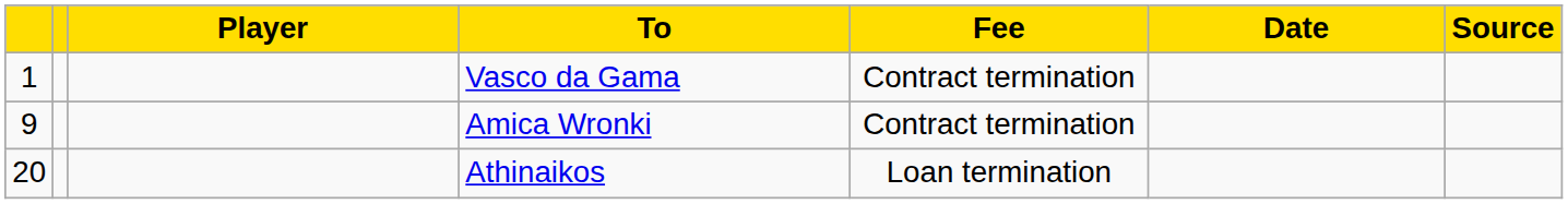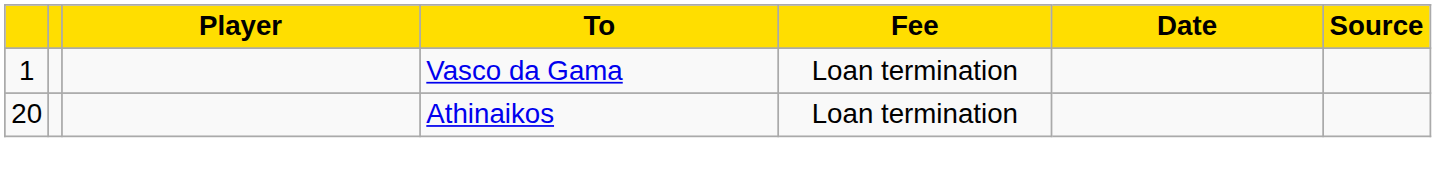 <table class="wikitable sortable">
 <tr>
 <th style="background:#FFDE00"></th>
 <th style="background:#FFDE00"></th>
 <th width=200 style="background:#FFDE00">Player</th>
 <th width=200 style="background:#FFDE00">To</th>
 <th width=150 style="background:#FFDE00">Fee</th>
 <th width=150 style="background:#FFDE00">Date</th>
 <th style="background:#FFDE00">Source</th>
 </tr>
 <tr>
 <td align=center>1</td>
 <td align=center></td>
 <td></td>
 <td> <a href='#'>Vasco da Gama</a></td>
-<td align=center>Contract termination</td>
-<td align=center></td>
-<td align=center></td>
-</tr>
-<tr>
-<td align=center>9</td>
-<td align=center></td>
-<td></td>
-<td> <a href='#'>Amica Wronki</a></td>
-<td align=center>Contract termination</td>
+<td align=center>Loan termination</td>
 <td align=center></td>
 <td align=center></td>
 </tr>
 <tr>
 <td align=center>20</td>
 <td align=center></td>
 <td></td>
 <td> <a href='#'>Athinaikos</a></td>
 <td align=center>Loan termination</td>
 <td align=center></td>
 <td align=center></td>
 </tr>
 </table>
